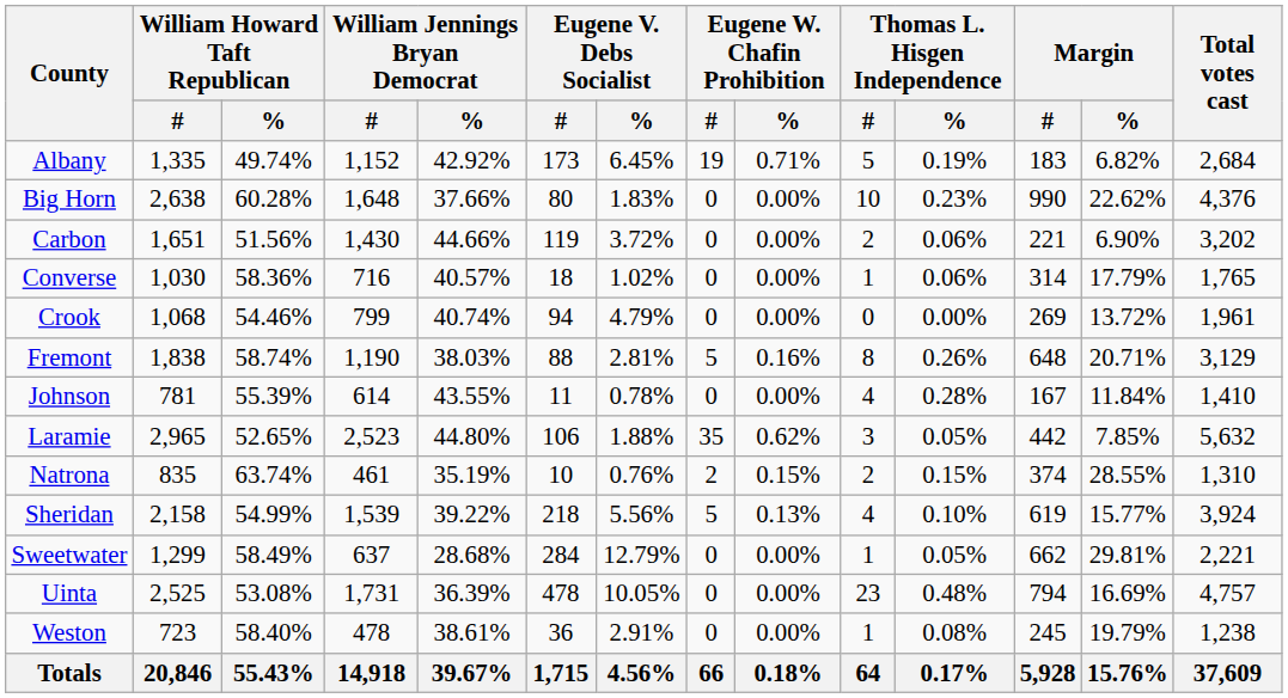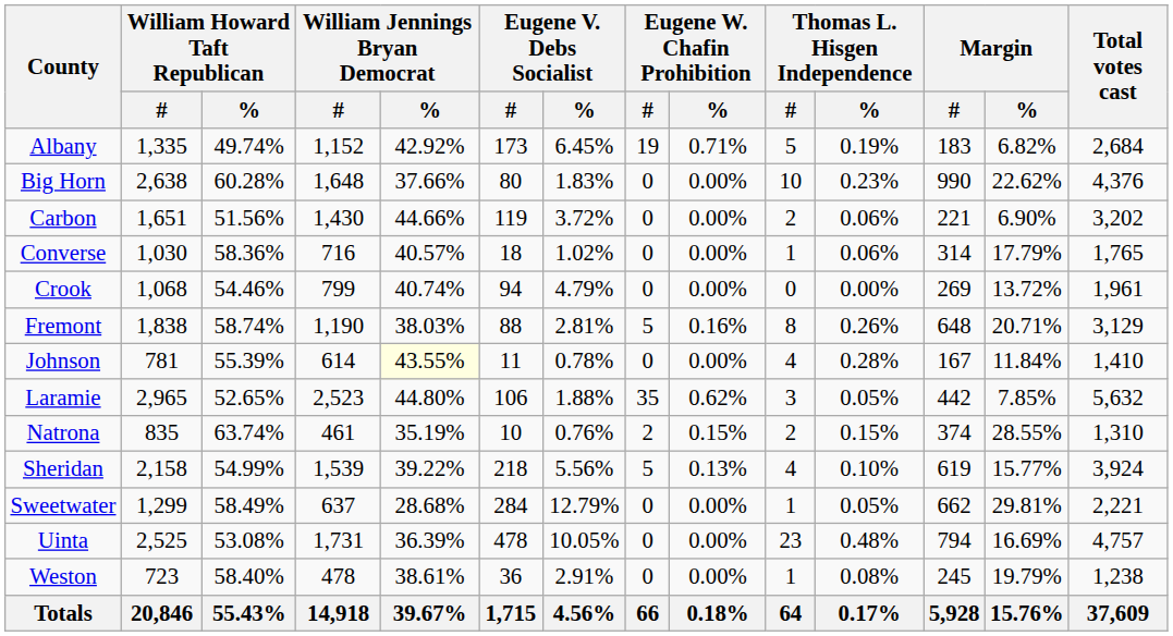 <table width="65%" class="wikitable sortable">
 <tr>
 <th style="text-align:center;" rowspan="2">County</th>
 <th style="text-align:center;" colspan="2">William Howard Taft<br>Republican</th>
 <th style="text-align:center;" colspan="2">William Jennings Bryan<br>Democrat</th>
 <th style="text-align:center;" colspan="2">Eugene V. Debs<br>Socialist</th>
 <th style="text-align:center;" colspan="2">Eugene W. Chafin<br>Prohibition</th>
 <th style="text-align:center;" colspan="2">Thomas L. Hisgen<br>Independence</th>
 <th style="text-align:center;" colspan="2">Margin</th>
 <th style="text-align:center;" rowspan="2">Total votes cast</th>
 </tr>
 <tr bgcolor="lightgrey">
 <th style="text-align:center;" data-sort-type="number">#</th>
 <th style="text-align:center;" data-sort-type="number">%</th>
 <th style="text-align:center;" data-sort-type="number">#</th>
 <th style="text-align:center;" data-sort-type="number">%</th>
 <th style="text-align:center;" data-sort-type="number">#</th>
 <th style="text-align:center;" data-sort-type="number">%</th>
 <th style="text-align:center;" data-sort-type="number">#</th>
 <th style="text-align:center;" data-sort-type="number">%</th>
 <th style="text-align:center;" data-sort-type="number">#</th>
 <th style="text-align:center;" data-sort-type="number">%</th>
 <th style="text-align:center;" data-sort-type="number">#</th>
 <th style="text-align:center;" data-sort-type="number">%</th>
 </tr>
 <tr style="text-align:center;">
 <td><a href='#'>Albany</a></td>
 <td>1,335</td>
 <td>49.74%</td>
 <td>1,152</td>
 <td>42.92%</td>
 <td>173</td>
 <td>6.45%</td>
 <td>19</td>
 <td>0.71%</td>
 <td>5</td>
 <td>0.19%</td>
 <td>183</td>
 <td>6.82%</td>
 <td>2,684</td>
 </tr>
 <tr style="text-align:center;">
 <td><a href='#'>Big Horn</a></td>
 <td>2,638</td>
 <td>60.28%</td>
 <td>1,648</td>
 <td>37.66%</td>
 <td>80</td>
 <td>1.83%</td>
 <td>0</td>
 <td>0.00%</td>
 <td>10</td>
 <td>0.23%</td>
 <td>990</td>
 <td>22.62%</td>
 <td>4,376</td>
 </tr>
 <tr style="text-align:center;">
 <td><a href='#'>Carbon</a></td>
 <td>1,651</td>
 <td>51.56%</td>
 <td>1,430</td>
 <td>44.66%</td>
 <td>119</td>
 <td>3.72%</td>
 <td>0</td>
 <td>0.00%</td>
 <td>2</td>
 <td>0.06%</td>
 <td>221</td>
 <td>6.90%</td>
 <td>3,202</td>
 </tr>
 <tr style="text-align:center;">
 <td><a href='#'>Converse</a></td>
 <td>1,030</td>
 <td>58.36%</td>
 <td>716</td>
 <td>40.57%</td>
 <td>18</td>
 <td>1.02%</td>
 <td>0</td>
 <td>0.00%</td>
 <td>1</td>
 <td>0.06%</td>
 <td>314</td>
 <td>17.79%</td>
 <td>1,765</td>
 </tr>
 <tr style="text-align:center;">
 <td><a href='#'>Crook</a></td>
 <td>1,068</td>
 <td>54.46%</td>
 <td>799</td>
 <td>40.74%</td>
 <td>94</td>
 <td>4.79%</td>
 <td>0</td>
 <td>0.00%</td>
 <td>0</td>
 <td>0.00%</td>
 <td>269</td>
 <td>13.72%</td>
 <td>1,961</td>
 </tr>
 <tr style="text-align:center;">
 <td><a href='#'>Fremont</a></td>
 <td>1,838</td>
 <td>58.74%</td>
 <td>1,190</td>
 <td>38.03%</td>
 <td>88</td>
 <td>2.81%</td>
 <td>5</td>
 <td>0.16%</td>
 <td>8</td>
 <td>0.26%</td>
 <td>648</td>
 <td>20.71%</td>
 <td>3,129</td>
 </tr>
 <tr style="text-align:center;">
 <td><a href='#'>Johnson</a></td>
 <td>781</td>
 <td>55.39%</td>
 <td>614</td>
-<td>43.55%</td>
+<td style="background: lightyellow;">43.55%</td>
 <td>11</td>
 <td>0.78%</td>
 <td>0</td>
 <td>0.00%</td>
 <td>4</td>
 <td>0.28%</td>
 <td>167</td>
 <td>11.84%</td>
 <td>1,410</td>
 </tr>
 <tr style="text-align:center;">
 <td><a href='#'>Laramie</a></td>
 <td>2,965</td>
 <td>52.65%</td>
 <td>2,523</td>
 <td>44.80%</td>
 <td>106</td>
 <td>1.88%</td>
 <td>35</td>
 <td>0.62%</td>
 <td>3</td>
 <td>0.05%</td>
 <td>442</td>
 <td>7.85%</td>
 <td>5,632</td>
 </tr>
 <tr style="text-align:center;">
 <td><a href='#'>Natrona</a></td>
 <td>835</td>
 <td>63.74%</td>
 <td>461</td>
 <td>35.19%</td>
 <td>10</td>
 <td>0.76%</td>
 <td>2</td>
 <td>0.15%</td>
 <td>2</td>
 <td>0.15%</td>
 <td>374</td>
 <td>28.55%</td>
 <td>1,310</td>
 </tr>
 <tr style="text-align:center;">
 <td><a href='#'>Sheridan</a></td>
 <td>2,158</td>
 <td>54.99%</td>
 <td>1,539</td>
 <td>39.22%</td>
 <td>218</td>
 <td>5.56%</td>
 <td>5</td>
 <td>0.13%</td>
 <td>4</td>
 <td>0.10%</td>
 <td>619</td>
 <td>15.77%</td>
 <td>3,924</td>
 </tr>
 <tr style="text-align:center;">
 <td><a href='#'>Sweetwater</a></td>
 <td>1,299</td>
 <td>58.49%</td>
 <td>637</td>
 <td>28.68%</td>
 <td>284</td>
 <td>12.79%</td>
 <td>0</td>
 <td>0.00%</td>
 <td>1</td>
 <td>0.05%</td>
 <td>662</td>
 <td>29.81%</td>
 <td>2,221</td>
 </tr>
 <tr style="text-align:center;">
 <td><a href='#'>Uinta</a></td>
 <td>2,525</td>
 <td>53.08%</td>
 <td>1,731</td>
 <td>36.39%</td>
 <td>478</td>
 <td>10.05%</td>
 <td>0</td>
 <td>0.00%</td>
 <td>23</td>
 <td>0.48%</td>
 <td>794</td>
 <td>16.69%</td>
 <td>4,757</td>
 </tr>
 <tr style="text-align:center;">
 <td><a href='#'>Weston</a></td>
 <td>723</td>
 <td>58.40%</td>
 <td>478</td>
 <td>38.61%</td>
 <td>36</td>
 <td>2.91%</td>
 <td>0</td>
 <td>0.00%</td>
 <td>1</td>
 <td>0.08%</td>
 <td>245</td>
 <td>19.79%</td>
 <td>1,238</td>
 </tr>
 <tr>
 <th>Totals</th>
 <th>20,846</th>
 <th>55.43%</th>
 <th>14,918</th>
 <th>39.67%</th>
 <th>1,715</th>
 <th>4.56%</th>
 <th>66</th>
 <th>0.18%</th>
 <th>64</th>
 <th>0.17%</th>
 <th>5,928</th>
 <th>15.76%</th>
 <th>37,609</th>
 </tr>
 </table>
